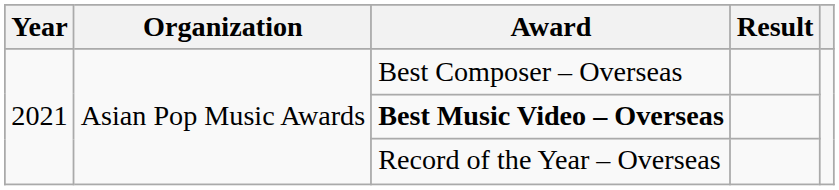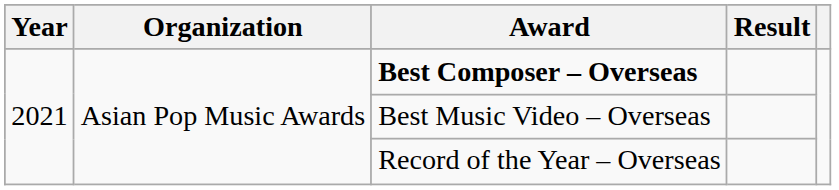 <table class="wikitable plainrowheaders">
 <tr align=center>
 <th scope="col">Year</th>
 <th scope="col">Organization</th>
 <th scope="col">Award</th>
 <th scope="col">Result</th>
 <th scope="col"></th>
 </tr>
 <tr>
 <td align="center" rowspan="3">2021</td>
 <td rowspan="3">Asian Pop Music Awards</td>
-<td>Best Composer – Overseas</td>
+<td><strong>Best Composer – Overseas</strong></td>
 <td></td>
 <td rowspan="3" style="text-align:center"></td>
 </tr>
 <tr>
-<td><strong>Best Music Video – Overseas</strong></td>
+<td>Best Music Video – Overseas</td>
 <td></td>
 </tr>
 <tr>
 <td>Record of the Year – Overseas</td>
 <td></td>
 </tr>
 </table>
